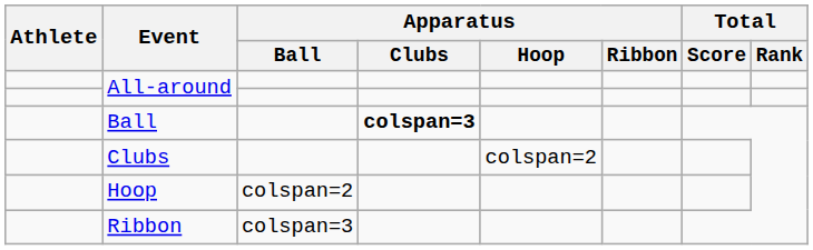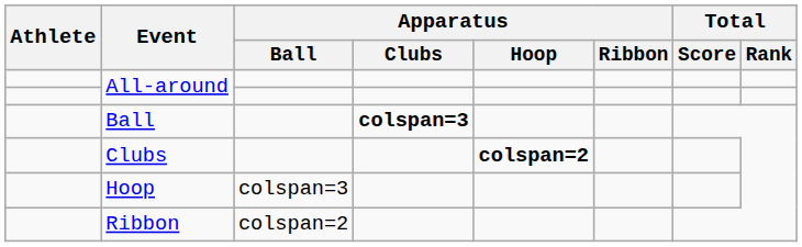 <table class=wikitable style=font-size:90%;text-align:center>
 <tr>
 <th rowspan=2>Athlete</th>
 <th rowspan=2>Event</th>
 <th colspan=4>Apparatus</th>
 <th colspan=2>Total</th>
 </tr>
 <tr style=font-size:95%>
 <th>Ball</th>
 <th>Clubs</th>
 <th>Hoop</th>
 <th>Ribbon</th>
 <th>Score</th>
 <th>Rank</th>
 </tr>
 <tr>
 <td align=left></td>
 <td align=left rowspan=2><a href='#'>All-around</a></td>
 <td></td>
 <td></td>
 <td></td>
 <td></td>
 <td></td>
 <td></td>
 </tr>
 <tr>
 <td align=left></td>
 <td></td>
 <td></td>
 <td></td>
 <td></td>
 <td></td>
 <td></td>
 </tr>
 <tr>
 <td align=left></td>
 <td align=left><a href='#'>Ball</a></td>
 <td></td>
 <td><strong>colspan=3  </strong></td>
 <td></td>
 <td></td>
 </tr>
 <tr>
 <td align=left></td>
 <td align=left><a href='#'>Clubs</a></td>
 <td></td>
 <td></td>
-<td>colspan=2 </td>
+<td><strong>colspan=2 </strong></td>
 <td></td>
 <td></td>
 </tr>
 <tr>
 <td align=left></td>
 <td align=left><a href='#'>Hoop</a></td>
-<td>colspan=2  </td>
+<td>colspan=3 </td>
 <td></td>
 <td></td>
 <td></td>
 <td></td>
 </tr>
 <tr>
 <td align=left></td>
 <td align=left><a href='#'>Ribbon</a></td>
-<td>colspan=3 </td>
+<td>colspan=2  </td>
 <td></td>
 <td></td>
 <td></td>
 </tr>
 </table>
